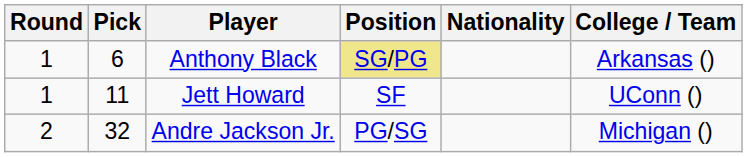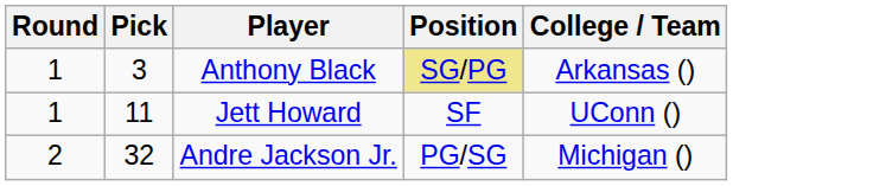 <table class="wikitable sortable sortable">
 <tr>
 <th>Round</th>
 <th>Pick</th>
 <th>Player</th>
 <th>Position</th>
-<th>Nationality</th>
 <th>College / Team</th>
 </tr>
 <tr style="text-align: center">
 <td>1</td>
-<td>6</td>
+<td>3</td>
 <td><a href='#'>Anthony Black</a></td>
 <td style="background: khaki;"><a href='#'>SG</a>/<a href='#'>PG</a></td>
-<td></td>
 <td><a href='#'>Arkansas</a> ()</td>
 </tr>
 <tr style="text-align: center">
 <td>1</td>
 <td>11</td>
 <td><a href='#'>Jett Howard</a></td>
 <td><a href='#'>SF</a></td>
-<td></td>
 <td><a href='#'>UConn</a> ()</td>
 </tr>
 <tr style="text-align: center">
 <td>2</td>
 <td>32</td>
 <td><a href='#'>Andre Jackson Jr.</a></td>
 <td><a href='#'>PG</a>/<a href='#'>SG</a></td>
-<td></td>
 <td><a href='#'>Michigan</a> ()</td>
 </tr>
 </table>
